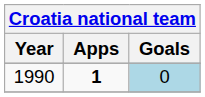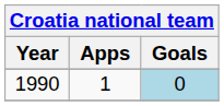 <table class="wikitable" style="text-align:center">
 <tr>
 <th colspan=3><a href='#'>Croatia national team</a></th>
 </tr>
 <tr>
 <th>Year</th>
 <th>Apps</th>
 <th>Goals</th>
 </tr>
 <tr>
 </tr>
 <tr>
 <td>1990</td>
-<td><strong>1</strong></td>
+<td>1</td>
 <td style="background: lightblue;">0</td>
 </tr>
 <tr>
 </tr>
 </table>
